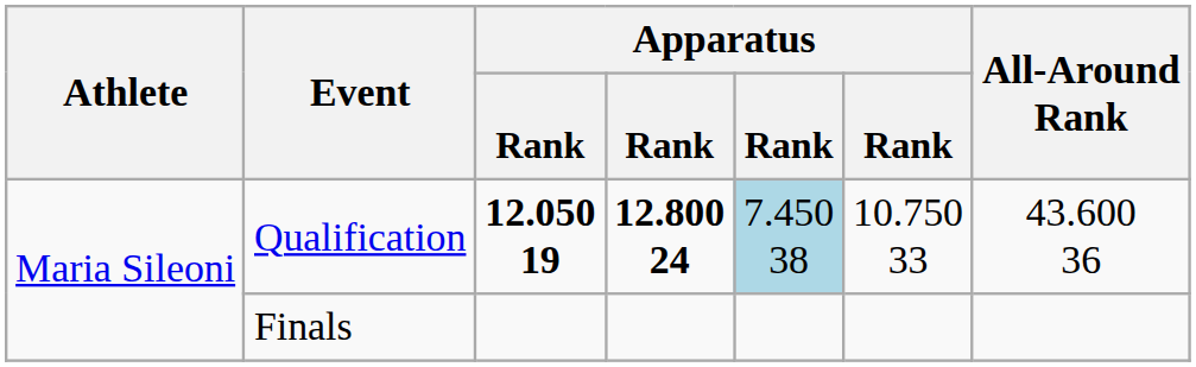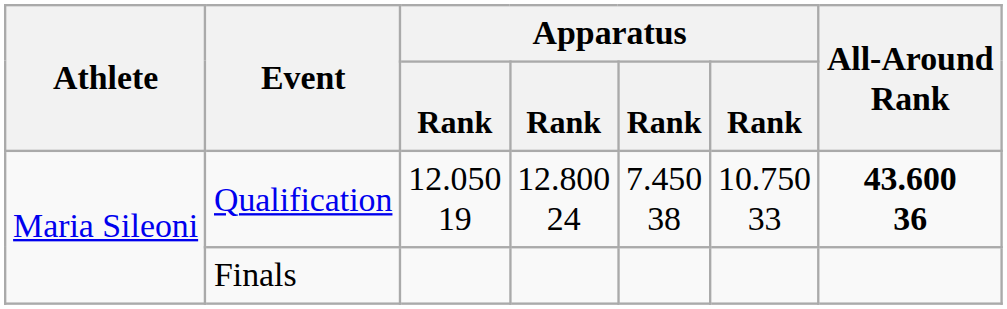 <table class="wikitable" style="font-size:90%">
 <tr>
 <th rowspan=2>Athlete</th>
 <th rowspan=2>Event</th>
 <th colspan=4>Apparatus</th>
 <th rowspan=2>All-Around<br>Rank</th>
 </tr>
 <tr style="font-size:95%">
 <th><br>Rank</th>
 <th><br>Rank</th>
 <th><br>Rank</th>
 <th><br>Rank</th>
 </tr>
 <tr align=center>
 <td align=left rowspan=2><a href='#'>Maria Sileoni</a></td>
 <td align=left><a href='#'>Qualification</a></td>
-<td><strong>12.050<br>19</strong></td>
-<td><strong>12.800<br>24</strong></td>
-<td style="background: lightblue;">7.450<br>38</td>
+<td>12.050<br>19</td>
+<td>12.800<br>24</td>
+<td>7.450<br>38</td>
 <td>10.750<br>33</td>
-<td>43.600<br>36</td>
+<td><strong>43.600<br>36</strong></td>
 </tr>
 <tr>
 <td>Finals</td>
 <td align=center></td>
 <td align=center></td>
 <td align=center></td>
 <td align=center></td>
 <td align=center></td>
 </tr>
 </table>
